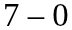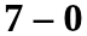 <table style="text-align:center">
 <tr>
 <th width=200></th>
 <th width=100></th>
 <th width=200></th>
 </tr>
 <tr>
 <td align=right><strong></strong></td>
-<td>7 – 0</td>
+<td><strong>7 – 0</strong></td>
 <td align=left></td>
 </tr>
 </table>
